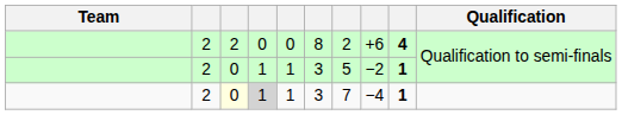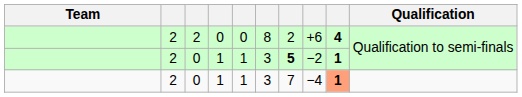 <table class="wikitable" style="text-align:center;">
 <tr>
 <th width=175>Team</th>
 <th width=20></th>
 <th width=20></th>
 <th width=20></th>
 <th width=20></th>
 <th width=20></th>
 <th width=20></th>
 <th width=20></th>
 <th width=20></th>
 <th>Qualification</th>
 </tr>
 <tr bgcolor="#ccffcc">
 <td align="left"></td>
 <td>2</td>
 <td>2</td>
 <td>0</td>
 <td>0</td>
 <td>8</td>
 <td>2</td>
 <td>+6</td>
 <td><strong>4</strong></td>
 <td rowspan="2">Qualification to semi-finals</td>
 </tr>
 <tr bgcolor="#ccffcc">
 <td align="left"></td>
 <td>2</td>
 <td>0</td>
 <td>1</td>
 <td>1</td>
 <td>3</td>
-<td>5</td>
+<td><strong>5</strong></td>
 <td>−2</td>
 <td><strong>1</strong></td>
 </tr>
 <tr>
 <td align="left"></td>
 <td>2</td>
-<td style="background: lightyellow;">0</td>
-<td style="background: lightgrey;">1</td>
+<td>0</td>
+<td>1</td>
 <td>1</td>
 <td>3</td>
 <td>7</td>
 <td>−4</td>
-<td><strong>1</strong></td>
+<td style="background: lightsalmon;"><strong>1</strong></td>
 <td></td>
 </tr>
 </table>
